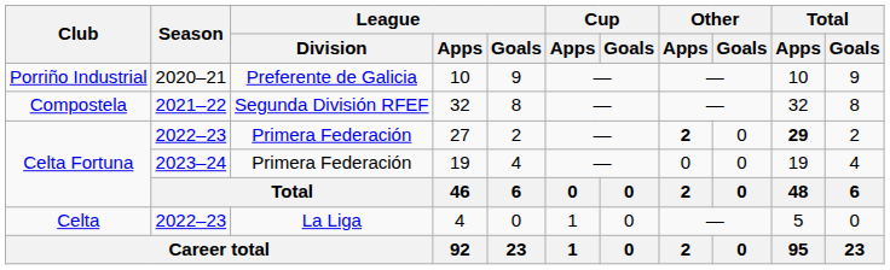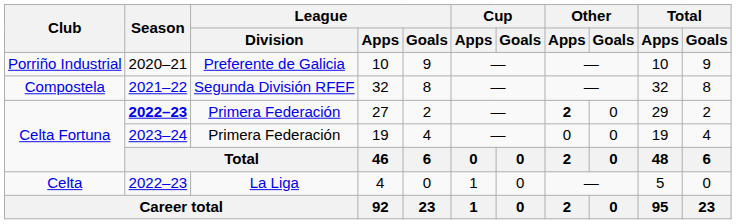 <table class=wikitable style=text-align:center>
 <tr>
 <th rowspan=2>Club</th>
 <th rowspan=2>Season</th>
 <th colspan=3>League</th>
 <th colspan="2">Cup</th>
 <th colspan="2">Other</th>
 <th colspan=2>Total</th>
 </tr>
 <tr>
 <th>Division</th>
 <th>Apps</th>
 <th>Goals</th>
 <th>Apps</th>
 <th>Goals</th>
 <th>Apps</th>
 <th>Goals</th>
 <th>Apps</th>
 <th>Goals</th>
 </tr>
 <tr>
 <td><a href='#'>Porriño Industrial</a></td>
 <td>2020–21</td>
 <td><a href='#'>Preferente de Galicia</a></td>
 <td>10</td>
 <td>9</td>
 <td colspan="2">—</td>
 <td colspan="2">—</td>
 <td>10</td>
 <td>9</td>
 </tr>
 <tr>
 <td><a href='#'>Compostela</a></td>
 <td><a href='#'>2021–22</a></td>
 <td><a href='#'>Segunda División RFEF</a></td>
 <td>32</td>
 <td>8</td>
 <td colspan="2">—</td>
 <td colspan="2">—</td>
 <td>32</td>
 <td>8</td>
 </tr>
 <tr>
 <td rowspan="3"><a href='#'>Celta Fortuna</a></td>
-<td><a href='#'>2022–23</a></td>
+<td><strong><a href='#'>2022–23</a></strong></td>
 <td><a href='#'>Primera Federación</a></td>
 <td>27</td>
 <td>2</td>
 <td colspan="2">—</td>
 <td><strong>2</strong></td>
 <td>0</td>
-<td><strong>29</strong></td>
+<td>29</td>
 <td>2</td>
 </tr>
 <tr>
 <td><a href='#'>2023–24</a></td>
 <td>Primera Federación</td>
 <td>19</td>
 <td>4</td>
 <td colspan="2">—</td>
 <td>0</td>
 <td>0</td>
 <td>19</td>
 <td>4</td>
 </tr>
 <tr>
 <th colspan="2">Total</th>
 <th>46</th>
 <th>6</th>
 <th>0</th>
 <th>0</th>
 <th>2</th>
 <th>0</th>
 <th>48</th>
 <th>6</th>
 </tr>
 <tr>
 <td><a href='#'>Celta</a></td>
 <td><a href='#'>2022–23</a></td>
 <td><a href='#'>La Liga</a></td>
 <td>4</td>
 <td>0</td>
 <td>1</td>
 <td>0</td>
 <td colspan="2">—</td>
 <td>5</td>
 <td>0</td>
 </tr>
 <tr>
 <th colspan="3">Career total</th>
 <th>92</th>
 <th>23</th>
 <th>1</th>
 <th>0</th>
 <th>2</th>
 <th>0</th>
 <th>95</th>
 <th>23</th>
 </tr>
 </table>
